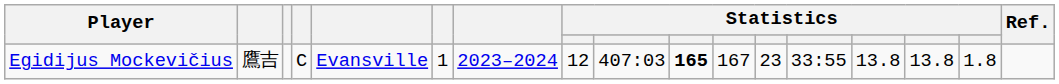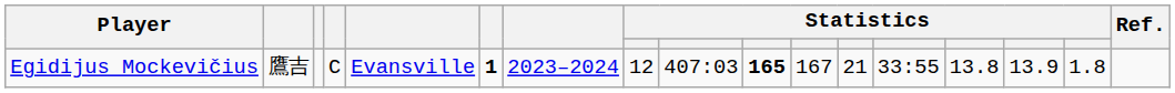 <table class="wikitable sortable" style="font-size:95%; text-align:right;">
 <tr>
 <th rowspan="2">Player</th>
 <th rowspan="2"></th>
 <th rowspan="2"></th>
 <th rowspan="2"></th>
 <th rowspan="2"></th>
 <th rowspan="2"></th>
 <th rowspan="2"></th>
 <th colspan="9">Statistics</th>
 <th rowspan="2">Ref.</th>
 </tr>
 <tr>
 <th></th>
 <th></th>
 <th></th>
 <th></th>
 <th></th>
 <th></th>
 <th></th>
 <th></th>
 <th></th>
 </tr>
 <tr>
 <td align="left"><a href='#'>Egidijus Mockevičius</a></td>
 <td align="left">鷹吉</td>
 <td align="center"></td>
 <td align="center">C</td>
 <td align="left"><a href='#'>Evansville</a></td>
-<td align="center">1</td>
+<td align="center"><strong>1</strong></td>
 <td align="center"><a href='#'>2023–2024</a></td>
 <td>12</td>
 <td>407:03</td>
 <td><strong>165</strong></td>
 <td>167</td>
-<td>23</td>
+<td>21</td>
 <td>33:55</td>
 <td>13.8</td>
-<td>13.8</td>
+<td>13.9</td>
 <td>1.8</td>
 <td align="center"></td>
 </tr>
 </table>
